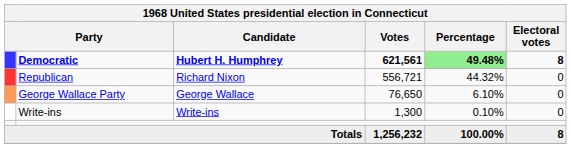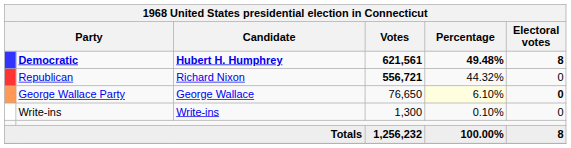 <table class="wikitable" style="font-size: 95%;">
 <tr>
 <th colspan="6">1968 United States presidential election in Connecticut</th>
 </tr>
 <tr>
 <th colspan="2" style="width: 15em">Party</th>
 <th style="width: 17em">Candidate</th>
 <th style="width: 5em">Votes</th>
 <th style="width: 7em">Percentage</th>
 <th style="width: 5em">Electoral votes</th>
 </tr>
 <tr>
 <th style="background-color:#3333FF; width: 3px"></th>
 <td style="width: 130px"><strong><a href='#'>Democratic</a></strong></td>
 <td><strong><a href='#'>Hubert H. Humphrey</a></strong></td>
 <td align="right"><strong>621,561</strong></td>
-<td align="right" style="background: lightgreen;"><strong>49.48%</strong></td>
+<td align="right"><strong>49.48%</strong></td>
 <td align="right"><strong>8</strong></td>
 </tr>
 <tr>
 <th style="background-color:#FF3333; width: 3px"></th>
 <td style="width: 130px"><a href='#'>Republican</a></td>
 <td><a href='#'>Richard Nixon</a></td>
-<td align="right">556,721</td>
+<td align="right"><strong>556,721</strong></td>
 <td align="right">44.32%</td>
 <td align="right">0</td>
 </tr>
 <tr>
 <th style="background:#f95; width:3px;"></th>
 <td style="width: 130px"><a href='#'>George Wallace Party</a></td>
 <td><a href='#'>George Wallace</a></td>
 <td style="text-align:right;">76,650</td>
-<td style="text-align:right;">6.10%</td>
-<td style="text-align:right;">0</td>
+<td style="background: lightyellow; text-align:right;">6.10%</td>
+<td style="text-align:right;"><strong>0</strong></td>
 </tr>
 <tr>
 <th style="background-color:#FFFFFF; width: 3px"></th>
 <td style="width: 130px">Write-ins</td>
 <td><a href='#'>Write-ins</a></td>
 <td align="right">1,300</td>
 <td align="right">0.10%</td>
 <td align="right">0</td>
 </tr>
 <tr>
 <td></td>
 </tr>
 <tr bgcolor="#EEEEEE">
 <td colspan="3" align="right"><strong>Totals</strong></td>
 <td align="right"><strong>1,256,232</strong></td>
 <td align="right"><strong>100.00%</strong></td>
 <td align="right"><strong>8</strong></td>
 </tr>
 <tr bgcolor="#EEEEEE">
 </tr>
 </table>
